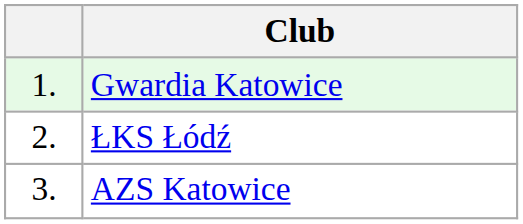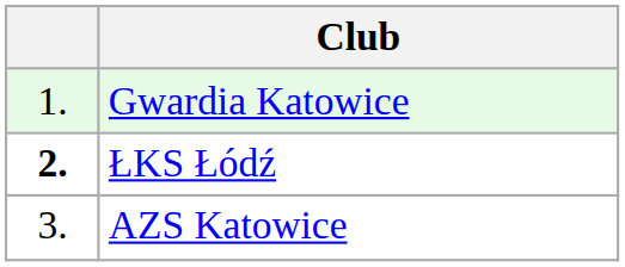 <table class="wikitable">
 <tr>
 <th width="30"></th>
 <th width="200">Club</th>
 </tr>
 <tr bgcolor="#e6fae6" align="center">
 <td>1.</td>
 <td align="left"><a href='#'>Gwardia Katowice</a></td>
 </tr>
 <tr bgcolor="#FFFFFF" align="center">
-<td>2.</td>
+<td><strong>2.</strong></td>
 <td align="left"><a href='#'>ŁKS Łódź</a></td>
 </tr>
 <tr bgcolor="#FFFFFF" align="center">
 <td>3.</td>
 <td align="left"><a href='#'>AZS Katowice</a></td>
 </tr>
 </table>
